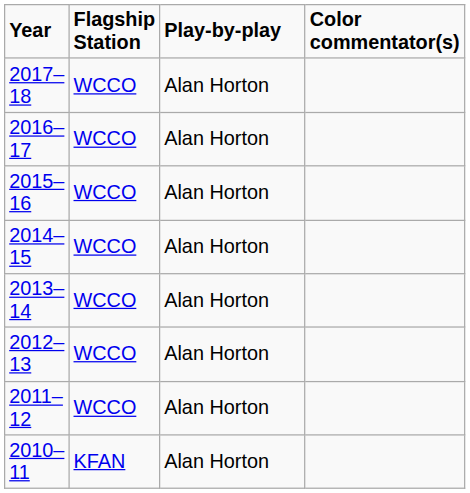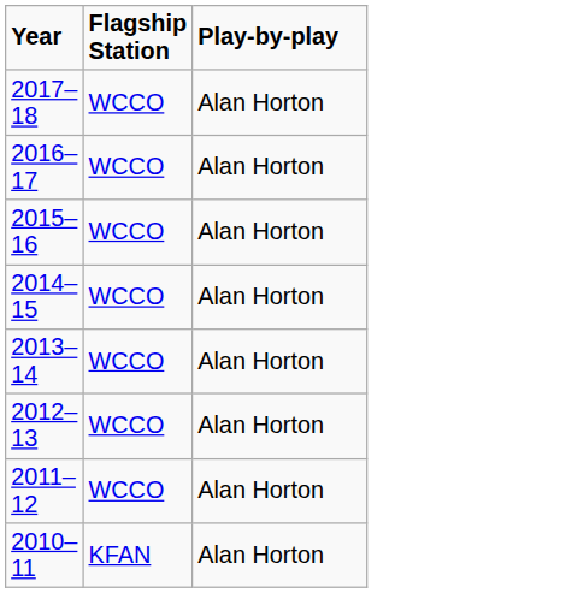 <table class="wikitable">
 <tr>
 <td style="width:40px; "><strong>Year</strong></td>
 <td style="width:40px; "><strong>Flagship Station</strong></td>
 <td style="width:110px; "><strong>Play-by-play</strong></td>
-<td style="width:110px; "><strong>Color commentator(s)</strong></td>
 </tr>
 <tr>
 <td><a href='#'>2017–18</a></td>
 <td><a href='#'>WCCO</a></td>
 <td>Alan Horton</td>
-<td></td>
 </tr>
 <tr>
 <td><a href='#'>2016–17</a></td>
 <td><a href='#'>WCCO</a></td>
 <td>Alan Horton</td>
-<td></td>
 </tr>
 <tr>
 <td><a href='#'>2015–16</a></td>
 <td><a href='#'>WCCO</a></td>
 <td>Alan Horton</td>
-<td></td>
 </tr>
 <tr>
 <td><a href='#'>2014–15</a></td>
 <td><a href='#'>WCCO</a></td>
 <td>Alan Horton</td>
-<td></td>
 </tr>
 <tr>
 <td><a href='#'>2013–14</a></td>
 <td><a href='#'>WCCO</a></td>
 <td>Alan Horton</td>
-<td></td>
 </tr>
 <tr>
 <td><a href='#'>2012–13</a></td>
 <td><a href='#'>WCCO</a></td>
 <td>Alan Horton</td>
-<td></td>
 </tr>
 <tr>
 <td><a href='#'>2011–12</a></td>
 <td><a href='#'>WCCO</a></td>
 <td>Alan Horton</td>
-<td></td>
 </tr>
 <tr>
 <td><a href='#'>2010–11</a></td>
 <td><a href='#'>KFAN</a></td>
 <td>Alan Horton</td>
-<td></td>
 </tr>
 </table>
